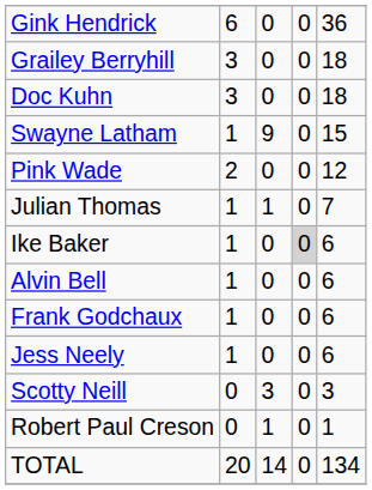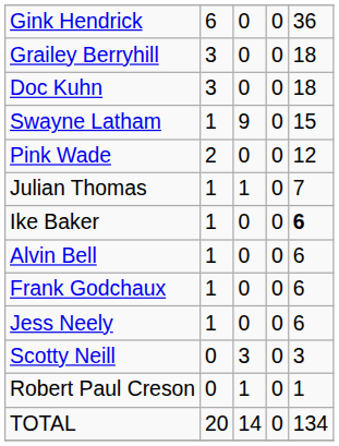 <table class="wikitable">
 <tr>
 </tr>
 <tr>
 <td><a href='#'>Gink Hendrick</a></td>
 <td>6</td>
 <td>0</td>
 <td>0</td>
 <td>36</td>
 </tr>
 <tr>
 <td><a href='#'>Grailey Berryhill</a></td>
 <td>3</td>
 <td>0</td>
 <td>0</td>
 <td>18</td>
 </tr>
 <tr>
 <td><a href='#'>Doc Kuhn</a></td>
 <td>3</td>
 <td>0</td>
 <td>0</td>
 <td>18</td>
 </tr>
 <tr>
 <td><a href='#'>Swayne Latham</a></td>
 <td>1</td>
 <td>9</td>
 <td>0</td>
 <td>15</td>
 </tr>
 <tr>
 <td><a href='#'>Pink Wade</a></td>
 <td>2</td>
 <td>0</td>
 <td>0</td>
 <td>12</td>
 </tr>
 <tr>
 <td>Julian Thomas</td>
 <td>1</td>
 <td>1</td>
 <td>0</td>
 <td>7</td>
 </tr>
 <tr>
 <td>Ike Baker</td>
 <td>1</td>
 <td>0</td>
-<td style="background: lightgrey;">0</td>
-<td>6</td>
+<td>0</td>
+<td><strong>6</strong></td>
 </tr>
 <tr>
 <td><a href='#'>Alvin Bell</a></td>
 <td>1</td>
 <td>0</td>
 <td>0</td>
 <td>6</td>
 </tr>
 <tr>
 <td><a href='#'>Frank Godchaux</a></td>
 <td>1</td>
 <td>0</td>
 <td>0</td>
 <td>6</td>
 </tr>
 <tr>
 <td><a href='#'>Jess Neely</a></td>
 <td>1</td>
 <td>0</td>
 <td>0</td>
 <td>6</td>
 </tr>
 <tr>
 <td><a href='#'>Scotty Neill</a></td>
 <td>0</td>
 <td>3</td>
 <td>0</td>
 <td>3</td>
 </tr>
 <tr>
 <td>Robert Paul Creson</td>
 <td>0</td>
 <td>1</td>
 <td>0</td>
 <td>1</td>
 </tr>
 <tr>
 <td>TOTAL</td>
 <td>20</td>
 <td>14</td>
 <td>0</td>
 <td>134</td>
 </tr>
 <tr>
 </tr>
 </table>
